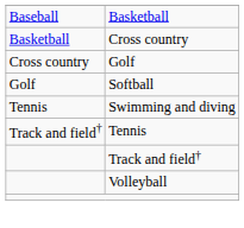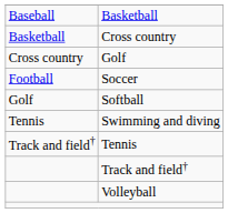 <table class="wikitable" style="float:right; clear:right; margin:0 0 1em 1em;">
 <tr>
 </tr>
 <tr>
 <td><a href='#'>Baseball</a></td>
 <td><a href='#'>Basketball</a></td>
 </tr>
 <tr>
 <td><a href='#'>Basketball</a></td>
 <td>Cross country</td>
 </tr>
 <tr>
 <td>Cross country</td>
 <td>Golf</td>
+</tr>
+<tr>
+<td><a href='#'>Football</a></td>
+<td>Soccer</td>
 </tr>
 <tr New Mexico has won 17 national championships in their school history>
 <td>Golf</td>
 <td>Softball</td>
 </tr>
 <tr>
 <td>Tennis</td>
 <td>Swimming and diving</td>
 </tr>
 <tr>
 <td>Track and field<sup>†</sup></td>
 <td>Tennis</td>
 </tr>
 <tr>
 <td></td>
 <td>Track and field<sup>†</sup></td>
 </tr>
 <tr>
 <td></td>
 <td>Volleyball</td>
 </tr>
 <tr>
 <td colspan="2"></td>
 </tr>
 </table>
